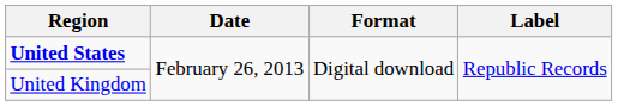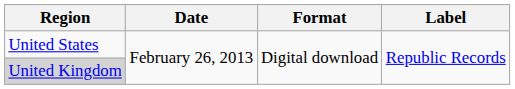 <table class=wikitable>
 <tr>
 <th>Region</th>
 <th>Date</th>
 <th>Format</th>
 <th>Label</th>
 </tr>
 <tr>
-<td><strong><a href='#'>United States</a></strong></td>
+<td><a href='#'>United States</a></td>
 <td rowspan="2">February 26, 2013</td>
 <td rowspan="2">Digital download</td>
 <td rowspan="2"><a href='#'>Republic Records</a></td>
 </tr>
 <tr>
-<td><a href='#'>United Kingdom</a></td>
+<td style="background: lightgrey;"><a href='#'>United Kingdom</a></td>
 </tr>
 </table>
